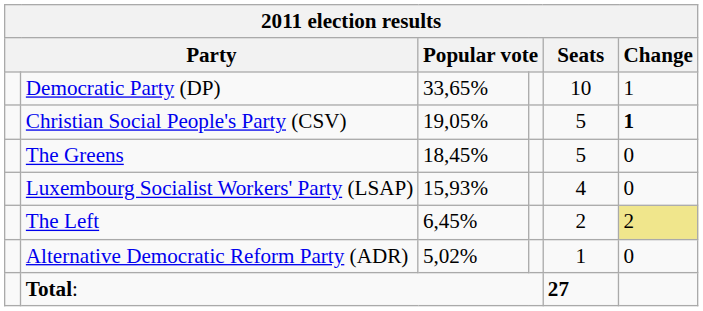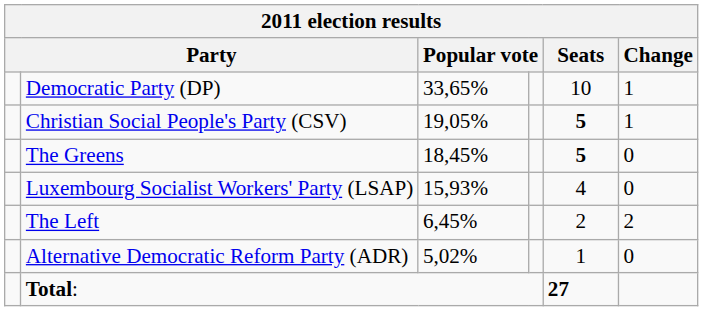 <table class="wikitable">
 <tr>
 <th colspan="6">2011 election results</th>
 </tr>
 <tr>
 <th colspan="2" width="300px">Party</th>
 <th colspan="2">Popular vote</th>
 <th width="50px">Seats</th>
 <th>Change</th>
 </tr>
 <tr>
 <td width="5px" style="background-color: "></td>
 <td><a href='#'>Democratic Party</a> (DP)</td>
 <td>33,65%</td>
 <td></td>
 <td style="text-align:center;">10</td>
 <td> 1</td>
 </tr>
 <tr>
 <td style="background-color: "></td>
 <td><a href='#'>Christian Social People's Party</a> (CSV)</td>
 <td>19,05%</td>
 <td></td>
-<td style="text-align:center;">5</td>
-<td><strong> 1</strong></td>
+<td style="text-align:center;"><strong>5</strong></td>
+<td> 1</td>
 </tr>
 <tr>
 <td style="background-color: "></td>
 <td><a href='#'>The Greens</a></td>
 <td>18,45%</td>
 <td></td>
-<td style="text-align:center;">5</td>
+<td style="text-align:center;"><strong>5</strong></td>
 <td> 0</td>
 </tr>
 <tr>
 <td style="background-color: "></td>
 <td><a href='#'>Luxembourg Socialist Workers' Party</a> (LSAP)</td>
 <td>15,93%</td>
 <td></td>
 <td style="text-align:center;">4</td>
 <td> 0</td>
 </tr>
 <tr>
 <td style="background-color: "></td>
 <td><a href='#'>The Left</a></td>
 <td>6,45%</td>
 <td></td>
 <td style="text-align:center;">2</td>
-<td style="background: khaki;"> 2</td>
+<td> 2</td>
 </tr>
 <tr>
 <td style="background-color: "></td>
 <td><a href='#'>Alternative Democratic Reform Party</a> (ADR)</td>
 <td>5,02%</td>
 <td></td>
 <td style="text-align:center;">1</td>
 <td> 0</td>
 </tr>
 <tr>
 <td></td>
 <td colspan="3"><strong>Total</strong>:</td>
 <td><strong>27</strong></td>
 <td></td>
 </tr>
 </table>
